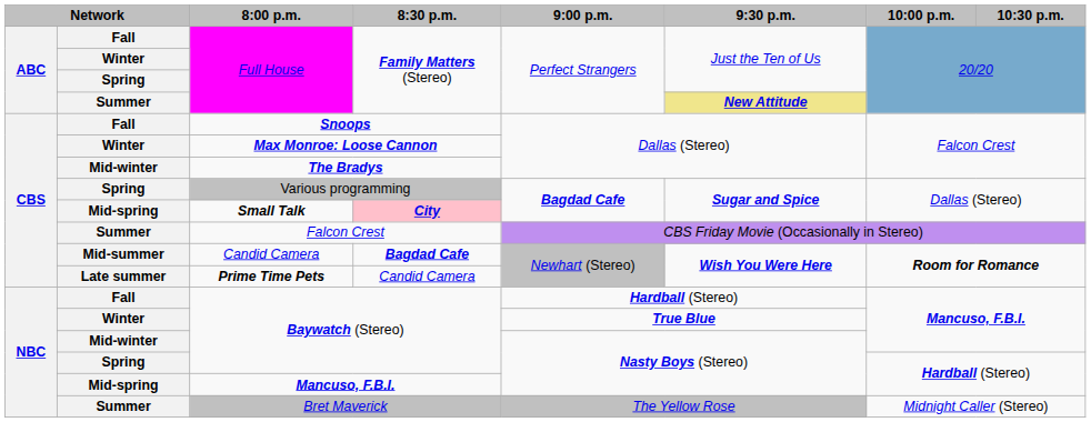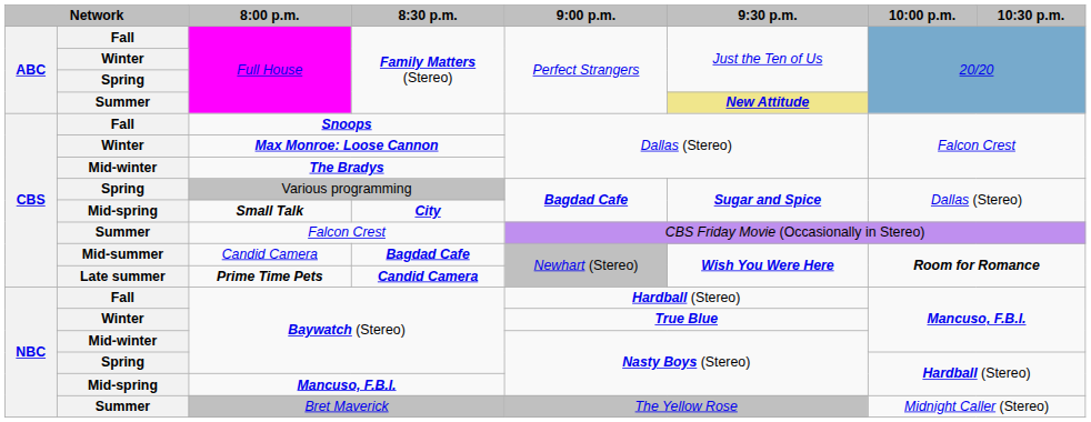 <table class="wikitable" style="width:100%;margin-right:0;text-align:center">
 <tr>
 <th colspan="2" style="background-color:#C0C0C0;text-align:center">Network</th>
 <th style="background-color:#C0C0C0;text-align:center">8:00 p.m.</th>
 <th style="background-color:#C0C0C0;text-align:center">8:30 p.m.</th>
 <th style="background-color:#C0C0C0;text-align:center">9:00 p.m.</th>
 <th style="background-color:#C0C0C0;text-align:center">9:30 p.m.</th>
 <th style="background-color:#C0C0C0;text-align:center">10:00 p.m.</th>
 <th style="background-color:#C0C0C0;text-align:center">10:30 p.m.</th>
 </tr>
 <tr>
 <th rowspan="4"><a href='#'>ABC</a></th>
 <th>Fall</th>
 <td rowspan="4" style="background:#FF00FF;"><em><a href='#'>Full House</a></em> </td>
 <td rowspan="4"><strong><em><a href='#'>Family Matters</a></em></strong><br>(Stereo)</td>
 <td rowspan="4"><em><a href='#'>Perfect Strangers</a></em></td>
 <td rowspan="3"><em><a href='#'>Just the Ten of Us</a></em></td>
 <td rowspan="4" colspan="2" style="background:#77AACC;"><em><a href='#'>20/20</a></em></td>
 </tr>
 <tr>
 <th>Winter</th>
 </tr>
 <tr>
 <th>Spring</th>
 </tr>
 <tr>
 <th>Summer</th>
 <td style="background: khaki;"><strong><em><a href='#'>New Attitude</a></em></strong></td>
 </tr>
 <tr>
 <th rowspan="8"><a href='#'>CBS</a></th>
 <th>Fall</th>
 <td colspan="2"><strong><em><a href='#'>Snoops</a></em></strong></td>
 <td colspan="2" rowspan="3"><em><a href='#'>Dallas</a></em> (Stereo)</td>
 <td colspan="3" rowspan="3"><em><a href='#'>Falcon Crest</a></em></td>
 </tr>
 <tr>
 <th>Winter</th>
 <td colspan="2"><strong><em><a href='#'>Max Monroe: Loose Cannon</a></em></strong></td>
 </tr>
 <tr>
 <th>Mid-winter</th>
 <td colspan="2"><strong><em><a href='#'>The Bradys</a></em></strong></td>
 </tr>
 <tr>
 <th>Spring</th>
 <td colspan="2" style="background:#C0C0C0;">Various programming</td>
 <td rowspan="2"><strong><em><a href='#'>Bagdad Cafe</a></em></strong></td>
 <td rowspan="2"><strong><em><a href='#'>Sugar and Spice</a></em></strong></td>
 <td colspan="2" rowspan="2"><em><a href='#'>Dallas</a></em> (Stereo)</td>
 </tr>
 <tr>
 <th>Mid-spring</th>
 <td><strong><em>Small Talk</em></strong></td>
-<td style="background: pink;"><strong><em><a href='#'>City</a></em></strong></td>
+<td><strong><em><a href='#'>City</a></em></strong></td>
 </tr>
 <tr>
 <th>Summer</th>
 <td colspan="2"><em><a href='#'>Falcon Crest</a></em></td>
 <td colspan="4" style="background:#bf8fef;"><em>CBS Friday Movie</em> (Occasionally in Stereo)</td>
 </tr>
 <tr>
 <th>Mid-summer</th>
 <td><em><a href='#'>Candid Camera</a></em></td>
 <td><strong><em><a href='#'>Bagdad Cafe</a></em></strong></td>
 <td rowspan="2" style="background:#C0C0C0;"><em><a href='#'>Newhart</a></em> (Stereo) </td>
 <td rowspan="2"><strong><em><a href='#'>Wish You Were Here</a></em></strong></td>
 <td colspan="2" rowspan="2"><strong><em>Room for Romance</em></strong></td>
 </tr>
 <tr>
 <th>Late summer</th>
 <td><strong><em>Prime Time Pets</em></strong></td>
-<td><em><a href='#'>Candid Camera</a></em></td>
+<td><strong><em><a href='#'>Candid Camera</a></em></strong></td>
 </tr>
 <tr>
 <th rowspan="6"><a href='#'>NBC</a></th>
 <th>Fall</th>
 <td colspan="2" rowspan="4"><strong><em><a href='#'>Baywatch</a></em></strong> (Stereo)</td>
 <td colspan="2"><strong><em><a href='#'>Hardball</a></em></strong> (Stereo)</td>
 <td colspan="2" rowspan="3"><strong><em><a href='#'>Mancuso, F.B.I.</a></em></strong></td>
 </tr>
 <tr>
 <th>Winter</th>
 <td colspan="2"><strong><em><a href='#'>True Blue</a></em></strong></td>
 </tr>
 <tr>
 <th>Mid-winter</th>
 <td colspan="2" rowspan="3"><strong><em><a href='#'>Nasty Boys</a></em></strong> (Stereo)</td>
 </tr>
 <tr>
 <th>Spring</th>
 <td colspan="2" rowspan="2"><strong><em><a href='#'>Hardball</a></em></strong> (Stereo)</td>
 </tr>
 <tr>
 <th>Mid-spring</th>
 <td colspan="2"><strong><em><a href='#'>Mancuso, F.B.I.</a></em></strong></td>
 </tr>
 <tr>
 <th>Summer</th>
 <td colspan="2" style="background:#C0C0C0;"><em><a href='#'>Bret Maverick</a></em> </td>
 <td colspan="2" style="background:#C0C0C0;"><em><a href='#'>The Yellow Rose</a></em> </td>
 <td colspan="2"><em><a href='#'>Midnight Caller</a></em> (Stereo)</td>
 </tr>
 </table>
